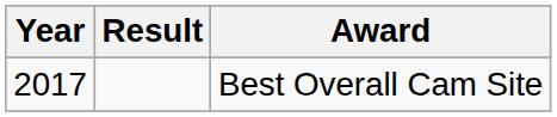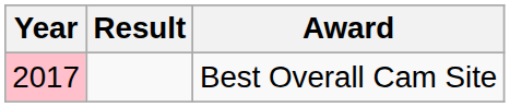 <table class="wikitable">
 <tr>
 <th>Year</th>
 <th>Result</th>
 <th>Award</th>
 </tr>
 <tr>
-<td>2017</td>
+<td style="background: pink;">2017</td>
 <td></td>
 <td>Best Overall Cam Site</td>
 </tr>
 </table>
